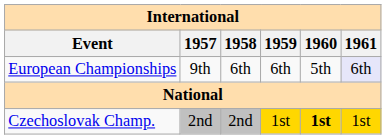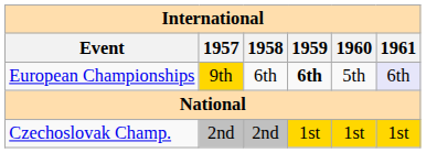 <table class="wikitable" style="text-align:center">
 <tr>
 <th style="background-color: #ffdead; " colspan=6 align=center>International</th>
 </tr>
 <tr>
 <th>Event</th>
 <th>1957</th>
 <th>1958</th>
 <th>1959</th>
 <th>1960</th>
 <th>1961</th>
 </tr>
 <tr>
 <td align=left><a href='#'>European Championships</a></td>
-<td>9th</td>
+<td style="background: gold;">9th</td>
 <td>6th</td>
-<td>6th</td>
+<td><strong>6th</strong></td>
 <td>5th</td>
 <td style="background: lavender;">6th</td>
 </tr>
 <tr>
 <th style="background-color: #ffdead; " colspan=6 align=center>National</th>
 </tr>
 <tr>
 <td align=left><a href='#'>Czechoslovak Champ.</a></td>
 <td bgcolor=silver>2nd</td>
 <td bgcolor=silver>2nd</td>
 <td bgcolor=gold>1st</td>
-<td bgcolor=gold><strong>1st</strong></td>
+<td bgcolor=gold>1st</td>
 <td bgcolor=gold>1st</td>
 </tr>
 </table>
